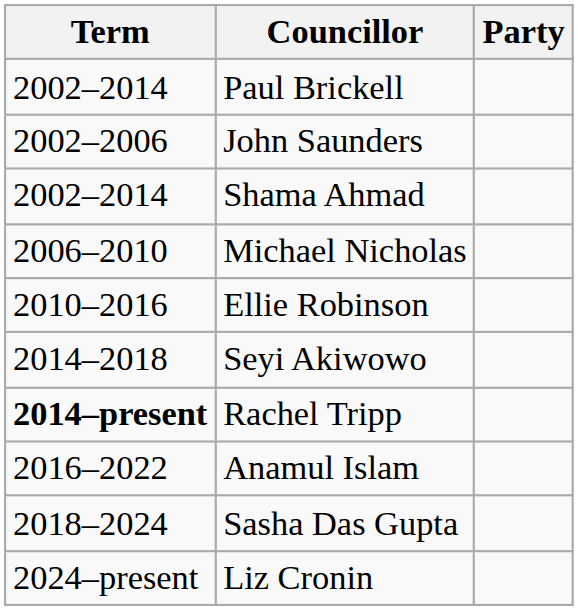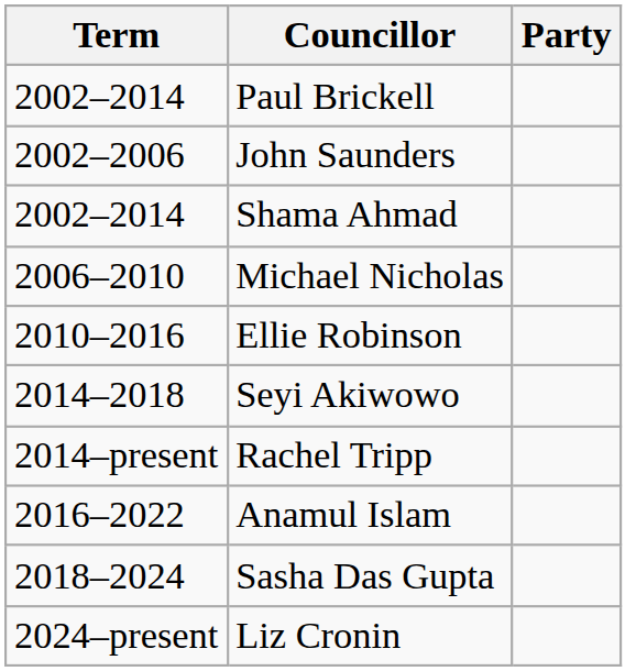 <table class="wikitable">
 <tr>
 <th>Term</th>
 <th>Councillor</th>
 <th colspan=2>Party</th>
 </tr>
 <tr>
 <td>2002–2014</td>
 <td>Paul Brickell</td>
 <td></td>
 </tr>
 <tr>
 <td>2002–2006</td>
 <td>John Saunders</td>
 <td></td>
 </tr>
 <tr>
 <td>2002–2014</td>
 <td>Shama Ahmad</td>
 <td></td>
 </tr>
 <tr>
 <td>2006–2010</td>
 <td>Michael Nicholas</td>
 <td></td>
 </tr>
 <tr>
 <td>2010–2016</td>
 <td>Ellie Robinson</td>
 <td></td>
 </tr>
 <tr>
 <td>2014–2018</td>
 <td>Seyi Akiwowo</td>
 <td></td>
 </tr>
 <tr>
-<td><strong>2014–present</strong></td>
+<td>2014–present</td>
 <td>Rachel Tripp</td>
 <td></td>
 </tr>
 <tr>
 <td>2016–2022</td>
 <td>Anamul Islam</td>
 <td></td>
 </tr>
 <tr>
 <td>2018–2024</td>
 <td>Sasha Das Gupta</td>
 <td></td>
 </tr>
 <tr>
 <td>2024–present</td>
 <td>Liz Cronin</td>
 <td></td>
 </tr>
 </table>
